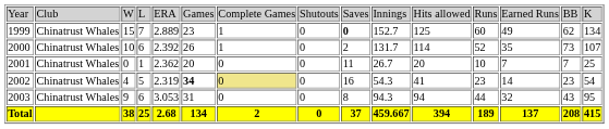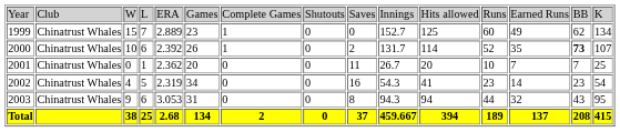 <table border=1>
 <tr style="background:LIGHTGREY">
 <td>Year</td>
 <td>Club</td>
 <td>W</td>
 <td>L</td>
 <td>ERA</td>
 <td>Games</td>
 <td>Complete Games</td>
 <td>Shutouts</td>
 <td>Saves</td>
 <td>Innings</td>
 <td>Hits allowed</td>
 <td>Runs</td>
 <td>Earned Runs</td>
 <td>BB</td>
 <td>K</td>
 </tr>
 <tr>
 <td>1999</td>
 <td>Chinatrust Whales</td>
 <td>15</td>
 <td>7</td>
 <td>2.889</td>
 <td>23</td>
 <td>1</td>
 <td>0</td>
-<td><strong>0</strong></td>
+<td>0</td>
 <td>152.7</td>
 <td>125</td>
 <td>60</td>
 <td>49</td>
 <td>62</td>
 <td>134</td>
 </tr>
 <tr>
 <td>2000</td>
 <td>Chinatrust Whales</td>
 <td>10</td>
 <td>6</td>
 <td>2.392</td>
 <td>26</td>
 <td>1</td>
 <td>0</td>
 <td>2</td>
 <td>131.7</td>
 <td>114</td>
 <td>52</td>
 <td>35</td>
-<td>73</td>
+<td><strong>73</strong></td>
 <td>107</td>
 </tr>
 <tr>
 <td>2001</td>
 <td>Chinatrust Whales</td>
 <td>0</td>
 <td>1</td>
 <td>2.362</td>
 <td>20</td>
 <td>0</td>
 <td>0</td>
 <td>11</td>
 <td>26.7</td>
 <td>20</td>
 <td>10</td>
 <td>7</td>
 <td>7</td>
 <td>25</td>
 </tr>
 <tr>
 <td>2002</td>
 <td>Chinatrust Whales</td>
 <td>4</td>
 <td>5</td>
 <td>2.319</td>
-<td><strong>34</strong></td>
-<td style="background: khaki;">0</td>
+<td>34</td>
+<td>0</td>
 <td>0</td>
 <td>16</td>
 <td>54.3</td>
 <td>41</td>
 <td>23</td>
 <td>14</td>
 <td>23</td>
 <td>54</td>
 </tr>
 <tr>
 <td>2003</td>
 <td>Chinatrust Whales</td>
 <td>9</td>
 <td>6</td>
 <td>3.053</td>
 <td>31</td>
 <td>0</td>
 <td>0</td>
 <td>8</td>
 <td>94.3</td>
 <td>94</td>
 <td>44</td>
 <td>32</td>
 <td>43</td>
 <td>95</td>
 </tr>
 <tr span style="background-color:yellow">
 <th>Total</th>
 <th></th>
 <th>38</th>
 <th>25</th>
 <th>2.68</th>
 <th>134</th>
 <th>2</th>
 <th>0</th>
 <th>37</th>
 <th>459.667</th>
 <th>394</th>
 <th>189</th>
 <th>137</th>
 <th>208</th>
 <th>415</th>
 </tr>
 </table>
